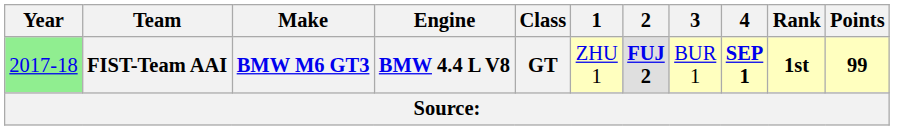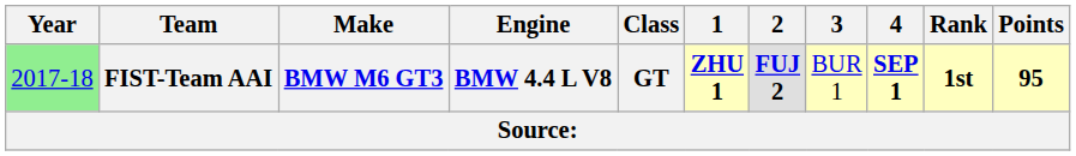 <table class="wikitable" style="text-align:center;">
 <tr>
 <th>Year</th>
 <th>Team</th>
 <th>Make</th>
 <th>Engine</th>
 <th>Class</th>
 <th>1</th>
 <th>2</th>
 <th>3</th>
 <th>4</th>
 <th>Rank</th>
 <th>Points</th>
 </tr>
 <tr>
 <td style="background: lightgreen;"><a href='#'>2017-18</a></td>
 <th>FIST-Team AAI</th>
 <th><a href='#'>BMW M6 GT3</a></th>
 <th><a href='#'>BMW</a> 4.4 L V8</th>
 <th>GT</th>
-<td style=background:#FFFFBF><a href='#'>ZHU</a><br>1</td>
+<td style=background:#FFFFBF><strong><a href='#'>ZHU</a><br>1</strong></td>
 <td style=background:#DFDFDF><strong><a href='#'>FUJ</a><br>2</strong></td>
 <td style=background:#FFFFBF><a href='#'>BUR</a><br>1</td>
 <td style=background:#FFFFBF><strong><a href='#'>SEP</a><br>1</strong></td>
 <th style=background:#FFFFBF>1st</th>
-<th style=background:#FFFFBF>99</th>
+<th style=background:#FFFFBF>95</th>
 </tr>
 <tr>
 <th colspan="11">Source:</th>
 </tr>
 </table>
